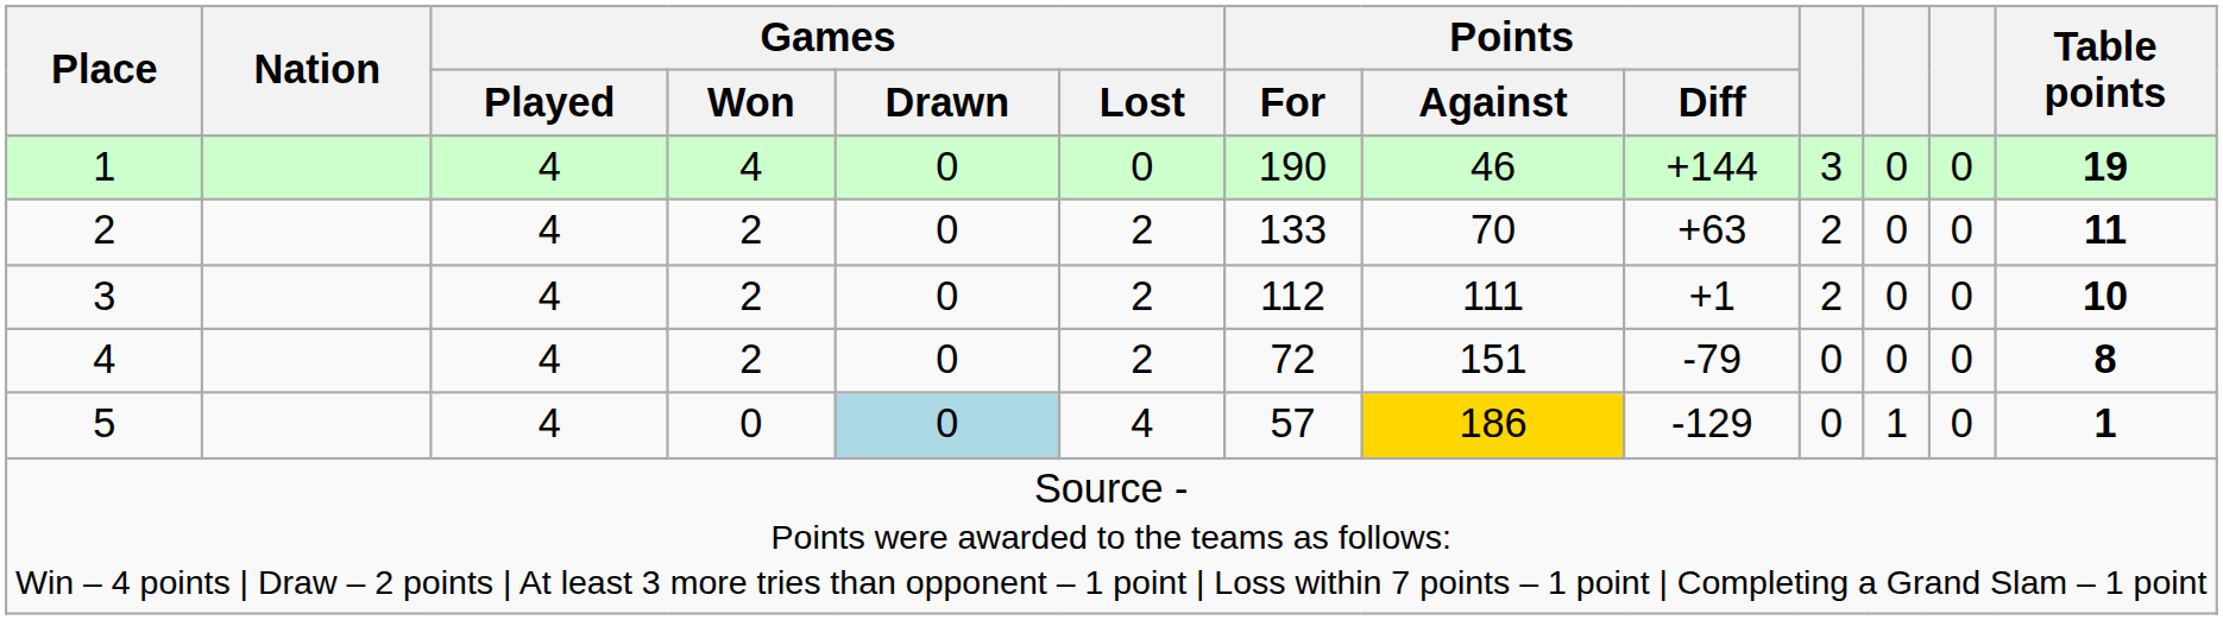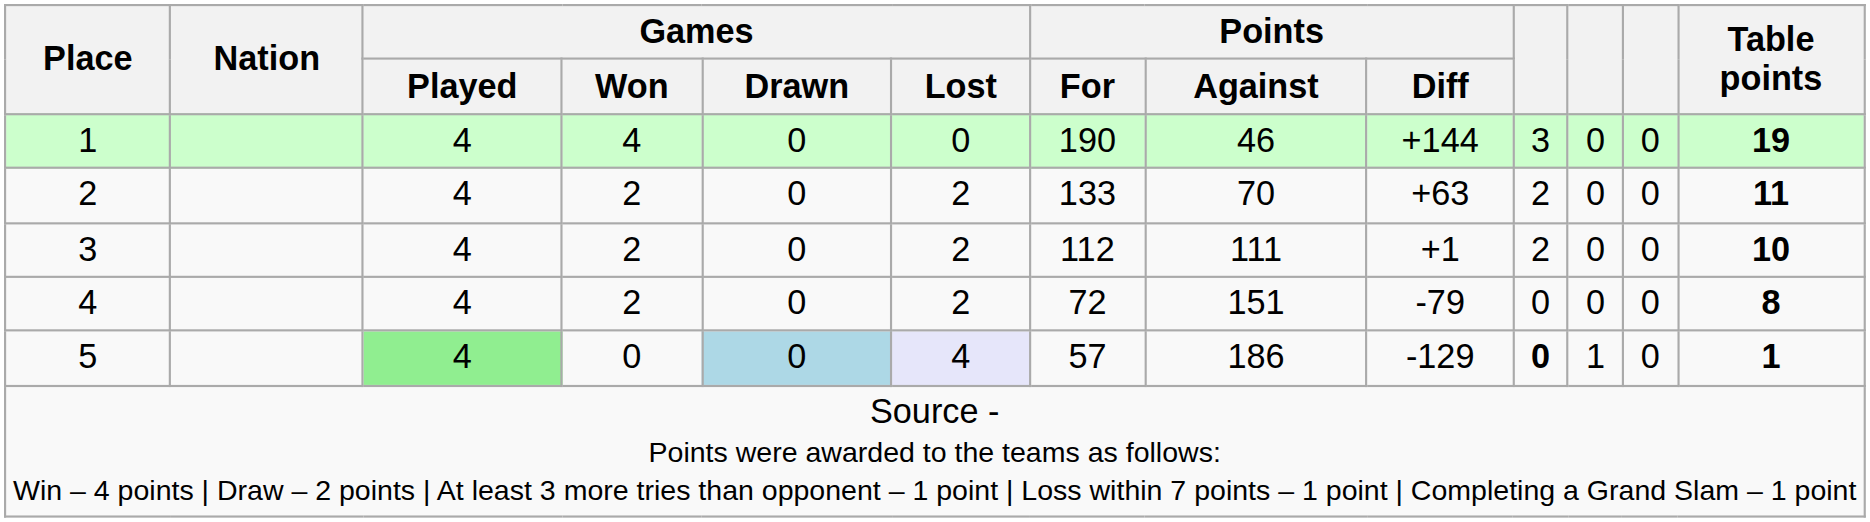 <table class="wikitable" style="text-align:center">
 <tr>
 <th rowspan="2">Place</th>
 <th rowspan="2">Nation</th>
 <th colspan="4">Games</th>
 <th colspan="3">Points</th>
 <th rowspan="2"></th>
 <th rowspan="2"></th>
 <th rowspan="2"></th>
 <th rowspan="2">Table<br>points</th>
 </tr>
 <tr>
 <th>Played</th>
 <th>Won</th>
 <th>Drawn</th>
 <th>Lost</th>
 <th>For</th>
 <th>Against</th>
 <th>Diff</th>
 </tr>
 <tr bgcolor="#cfc">
 <td>1</td>
 <td style="text-align:left"></td>
 <td>4</td>
 <td>4</td>
 <td>0</td>
 <td>0</td>
 <td>190</td>
 <td>46</td>
 <td>+144</td>
 <td>3</td>
 <td>0</td>
 <td>0</td>
 <td><strong>19</strong></td>
 </tr>
 <tr>
 <td>2</td>
 <td style="text-align:left"></td>
 <td>4</td>
 <td>2</td>
 <td>0</td>
 <td>2</td>
 <td>133</td>
 <td>70</td>
 <td>+63</td>
 <td>2</td>
 <td>0</td>
 <td>0</td>
 <td><strong>11</strong></td>
 </tr>
 <tr>
 <td>3</td>
 <td style="text-align:left"></td>
 <td>4</td>
 <td>2</td>
 <td>0</td>
 <td>2</td>
 <td>112</td>
 <td>111</td>
 <td>+1</td>
 <td>2</td>
 <td>0</td>
 <td>0</td>
 <td><strong>10</strong></td>
 </tr>
 <tr>
 <td>4</td>
 <td style="text-align:left"></td>
 <td>4</td>
 <td>2</td>
 <td>0</td>
 <td>2</td>
 <td>72</td>
 <td>151</td>
 <td>-79</td>
 <td>0</td>
 <td>0</td>
 <td>0</td>
 <td><strong>8</strong></td>
 </tr>
 <tr>
 <td>5</td>
 <td style="text-align:left"></td>
-<td>4</td>
+<td style="background: lightgreen;">4</td>
 <td>0</td>
 <td style="background: lightblue;">0</td>
-<td>4</td>
+<td style="background: lavender;">4</td>
 <td>57</td>
-<td style="background: gold;">186</td>
+<td>186</td>
 <td>-129</td>
-<td>0</td>
+<td><strong>0</strong></td>
 <td>1</td>
 <td>0</td>
 <td><strong>1</strong></td>
 </tr>
 <tr>
 <td colspan="100%" style="text-align:center">Source - <br><small>Points were awarded to the teams as follows:<br>Win – 4 points | Draw – 2 points | At least 3 more tries than opponent – 1 point | Loss within 7 points – 1 point | Completing a Grand Slam – 1 point</small></td>
 </tr>
 </table>
